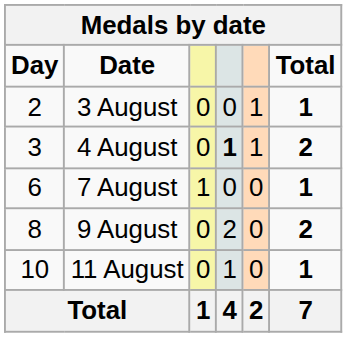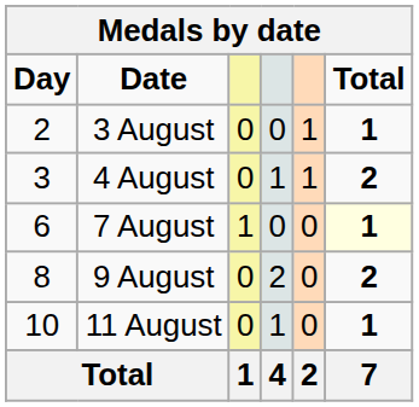 <table class="wikitable" style="font-size:85%; text-align:center;">
 <tr style="background:#efefef;">
 <th colspan=6><strong>Medals by date</strong></th>
 </tr>
 <tr>
 <td><strong>Day</strong></td>
 <td><strong>Date</strong></td>
 <td style="background:#F7F6A8;"></td>
 <td style="background:#DCE5E5;"></td>
 <td style="background:#FFDAB9;"></td>
 <td><strong>Total</strong></td>
 </tr>
 <tr>
 <td>2</td>
 <td>3 August</td>
 <td style="background:#F7F6A8;">0</td>
 <td style="background:#DCE5E5;">0</td>
 <td style="background:#FFDAB9;">1</td>
 <td><strong>1</strong></td>
 </tr>
 <tr>
 <td>3</td>
 <td>4 August</td>
 <td style="background:#F7F6A8;">0</td>
-<td style="background:#DCE5E5;"><strong>1</strong></td>
+<td style="background:#DCE5E5;">1</td>
 <td style="background:#FFDAB9;">1</td>
 <td><strong>2</strong></td>
 </tr>
 <tr>
 <td>6</td>
 <td>7 August</td>
 <td style="background:#F7F6A8;">1</td>
 <td style="background:#DCE5E5;">0</td>
 <td style="background:#FFDAB9;">0</td>
-<td><strong>1</strong></td>
+<td style="background: lightyellow;"><strong>1</strong></td>
 </tr>
 <tr>
 <td>8</td>
 <td>9 August</td>
 <td style="background:#F7F6A8;">0</td>
 <td style="background:#DCE5E5;">2</td>
 <td style="background:#FFDAB9;">0</td>
 <td><strong>2</strong></td>
 </tr>
 <tr>
 <td>10</td>
 <td>11 August</td>
 <td style="background:#F7F6A8;">0</td>
 <td style="background:#DCE5E5;">1</td>
 <td style="background:#FFDAB9;">0</td>
 <td><strong>1</strong></td>
 </tr>
 <tr>
 <th colspan="2">Total</th>
 <th>1</th>
 <th>4</th>
 <th>2</th>
 <th>7</th>
 </tr>
 </table>
